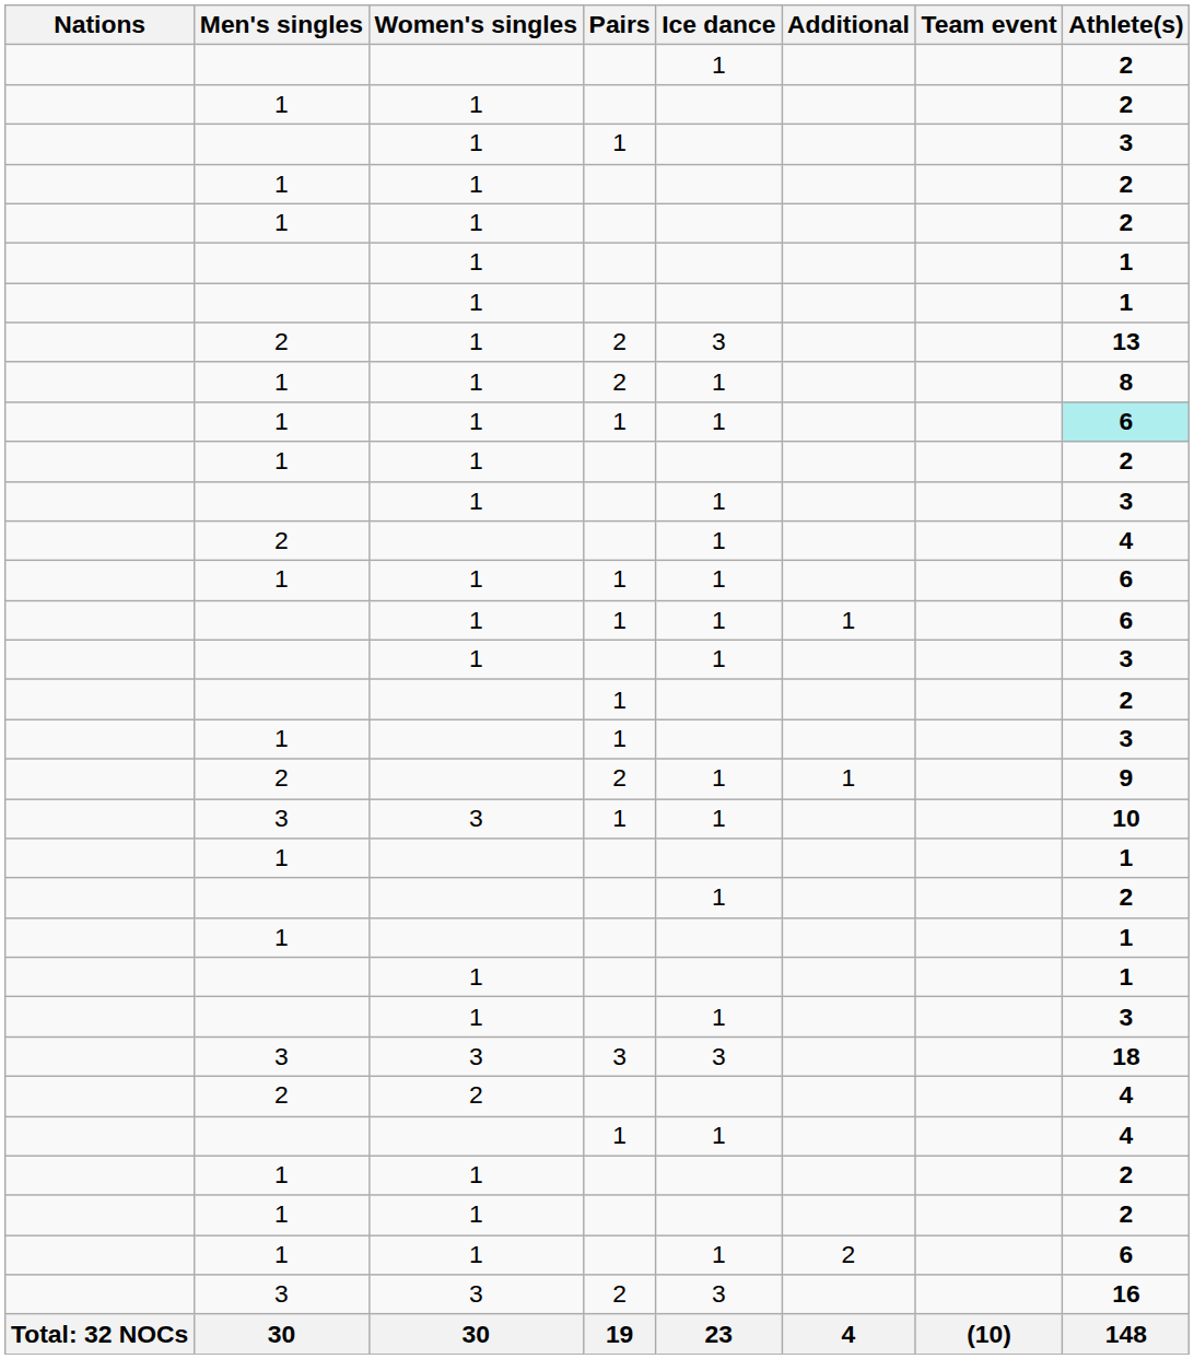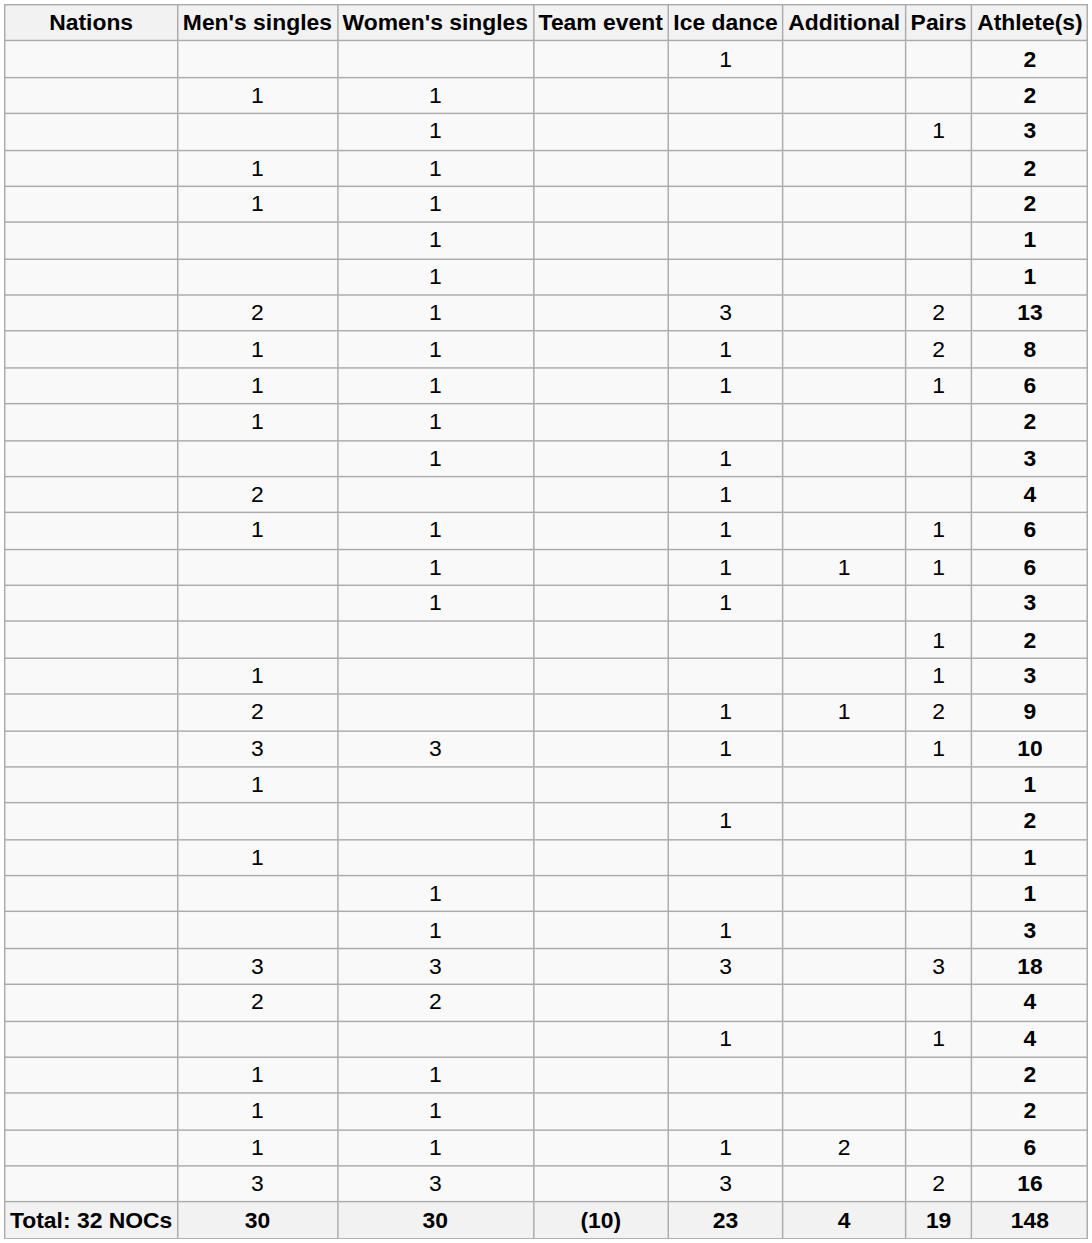 <table class="wikitable sortable" style="text-align:center;">
 <tr>
 <th>Nations</th>
 <th>Men's singles</th>
 <th>Women's singles</th>
-<th>Pairs</th>
+<th>Team event</th>
 <th>Ice dance</th>
 <th>Additional</th>
-<th>Team event</th>
+<th>Pairs</th>
 <th>Athlete(s)</th>
 </tr>
 <tr>
 <td style="text-align:left;"></td>
 <td></td>
 <td></td>
 <td></td>
 <td>1</td>
 <td></td>
 <td></td>
 <td><strong>2</strong></td>
 </tr>
 <tr>
 <td style="text-align:left;"></td>
 <td>1</td>
 <td>1</td>
 <td></td>
 <td></td>
 <td></td>
 <td></td>
 <td><strong>2</strong></td>
 </tr>
 <tr>
 <td style="text-align:left;"></td>
 <td></td>
 <td>1</td>
-<td>1</td>
 <td></td>
 <td></td>
 <td></td>
+<td>1</td>
 <td><strong>3</strong></td>
 </tr>
 <tr>
 <td style="text-align:left;"></td>
 <td>1</td>
 <td>1</td>
 <td></td>
 <td></td>
 <td></td>
 <td></td>
 <td><strong>2</strong></td>
 </tr>
 <tr>
 <td style="text-align:left;"></td>
 <td>1</td>
 <td>1</td>
 <td></td>
 <td></td>
 <td></td>
 <td></td>
 <td><strong>2</strong></td>
 </tr>
 <tr>
 <td style="text-align:left;"></td>
 <td></td>
 <td>1</td>
 <td></td>
 <td></td>
 <td></td>
 <td></td>
 <td><strong>1</strong></td>
 </tr>
 <tr>
 <td style="text-align:left;"></td>
 <td></td>
 <td>1</td>
 <td></td>
 <td></td>
 <td></td>
 <td></td>
 <td><strong>1</strong></td>
 </tr>
 <tr>
 <td style="text-align:left;"></td>
 <td>2</td>
 <td>1</td>
-<td>2</td>
+<td></td>
 <td>3</td>
 <td></td>
-<td></td>
+<td>2</td>
 <td><strong>13</strong></td>
 </tr>
 <tr>
 <td style="text-align:left;"></td>
 <td>1</td>
 <td>1</td>
-<td>2</td>
+<td></td>
 <td>1</td>
 <td></td>
-<td></td>
+<td>2</td>
 <td><strong>8</strong></td>
 </tr>
 <tr>
 <td style="text-align:left;"></td>
 <td>1</td>
 <td>1</td>
-<td>1</td>
+<td></td>
 <td>1</td>
 <td></td>
-<td></td>
-<td style="background: paleturquoise;"><strong>6</strong></td>
+<td>1</td>
+<td><strong>6</strong></td>
 </tr>
 <tr>
 <td style="text-align:left;"></td>
 <td>1</td>
 <td>1</td>
 <td></td>
 <td></td>
 <td></td>
 <td></td>
 <td><strong>2</strong></td>
 </tr>
 <tr>
 <td style="text-align:left;"></td>
 <td></td>
 <td>1</td>
 <td></td>
 <td>1</td>
 <td></td>
 <td></td>
 <td><strong>3</strong></td>
 </tr>
 <tr>
 <td style="text-align:left;"></td>
 <td>2</td>
 <td></td>
 <td></td>
 <td>1</td>
 <td></td>
 <td></td>
 <td><strong>4</strong></td>
 </tr>
 <tr>
 <td style="text-align:left;"></td>
 <td>1</td>
 <td>1</td>
-<td>1</td>
+<td></td>
 <td>1</td>
 <td></td>
-<td></td>
+<td>1</td>
 <td><strong>6</strong></td>
 </tr>
 <tr>
 <td style="text-align:left;"></td>
 <td></td>
 <td>1</td>
+<td></td>
 <td>1</td>
 <td>1</td>
 <td>1</td>
-<td></td>
 <td><strong>6</strong></td>
 </tr>
 <tr>
 <td style="text-align:left;"></td>
 <td></td>
 <td>1</td>
 <td></td>
 <td>1</td>
 <td></td>
 <td></td>
 <td><strong>3</strong></td>
 </tr>
 <tr>
 <td style="text-align:left;"></td>
 <td></td>
 <td></td>
-<td>1</td>
 <td></td>
 <td></td>
 <td></td>
+<td>1</td>
 <td><strong>2</strong></td>
 </tr>
 <tr>
 <td style="text-align:left;"></td>
 <td>1</td>
 <td></td>
-<td>1</td>
 <td></td>
 <td></td>
 <td></td>
+<td>1</td>
 <td><strong>3</strong></td>
 </tr>
 <tr>
 <td style="text-align:left;"></td>
 <td>2</td>
 <td></td>
-<td>2</td>
+<td></td>
 <td>1</td>
 <td>1</td>
-<td></td>
+<td>2</td>
 <td><strong>9</strong></td>
 </tr>
 <tr>
 <td style="text-align:left;"></td>
 <td>3</td>
 <td>3</td>
-<td>1</td>
+<td></td>
 <td>1</td>
 <td></td>
-<td></td>
+<td>1</td>
 <td><strong>10</strong></td>
 </tr>
 <tr>
 <td style="text-align:left;"></td>
 <td>1</td>
 <td></td>
 <td></td>
 <td></td>
 <td></td>
 <td></td>
 <td><strong>1</strong></td>
 </tr>
 <tr>
 <td style="text-align:left;"></td>
 <td></td>
 <td></td>
 <td></td>
 <td>1</td>
 <td></td>
 <td></td>
 <td><strong>2</strong></td>
 </tr>
 <tr>
 <td style="text-align:left;"></td>
 <td>1</td>
 <td></td>
 <td></td>
 <td></td>
 <td></td>
 <td></td>
 <td><strong>1</strong></td>
 </tr>
 <tr>
 <td style="text-align:left;"></td>
 <td></td>
 <td>1</td>
 <td></td>
 <td></td>
 <td></td>
 <td></td>
 <td><strong>1</strong></td>
 </tr>
 <tr>
 <td style="text-align:left;"></td>
 <td></td>
 <td>1</td>
 <td></td>
 <td>1</td>
 <td></td>
 <td></td>
 <td><strong>3</strong></td>
 </tr>
 <tr>
 <td style="text-align:left;"></td>
 <td>3</td>
 <td>3</td>
-<td>3</td>
+<td></td>
 <td>3</td>
 <td></td>
-<td></td>
+<td>3</td>
 <td><strong>18</strong></td>
 </tr>
 <tr>
 <td style="text-align:left;"></td>
 <td>2</td>
 <td>2</td>
 <td></td>
 <td></td>
 <td></td>
 <td></td>
 <td><strong>4</strong></td>
 </tr>
 <tr>
 <td style="text-align:left;"></td>
 <td></td>
 <td></td>
-<td>1</td>
+<td></td>
 <td>1</td>
 <td></td>
-<td></td>
+<td>1</td>
 <td><strong>4</strong></td>
 </tr>
 <tr>
 <td style="text-align:left;"></td>
 <td>1</td>
 <td>1</td>
 <td></td>
 <td></td>
 <td></td>
 <td></td>
 <td><strong>2</strong></td>
 </tr>
 <tr>
 <td style="text-align:left;"></td>
 <td>1</td>
 <td>1</td>
 <td></td>
 <td></td>
 <td></td>
 <td></td>
 <td><strong>2</strong></td>
 </tr>
 <tr>
 <td style="text-align:left;"></td>
 <td>1</td>
 <td>1</td>
 <td></td>
 <td>1</td>
 <td>2</td>
 <td></td>
 <td><strong>6</strong></td>
 </tr>
 <tr>
 <td style="text-align:left;"></td>
 <td>3</td>
 <td>3</td>
-<td>2</td>
+<td></td>
 <td>3</td>
 <td></td>
-<td></td>
+<td>2</td>
 <td><strong>16</strong></td>
 </tr>
 <tr class="sortbottom">
 <th style="text-align:left;">Total: 32 NOCs</th>
 <th>30</th>
 <th>30</th>
-<th>19</th>
+<th>(10)</th>
 <th>23</th>
 <th>4</th>
-<th>(10)</th>
+<th>19</th>
 <th>148</th>
 </tr>
 </table>
